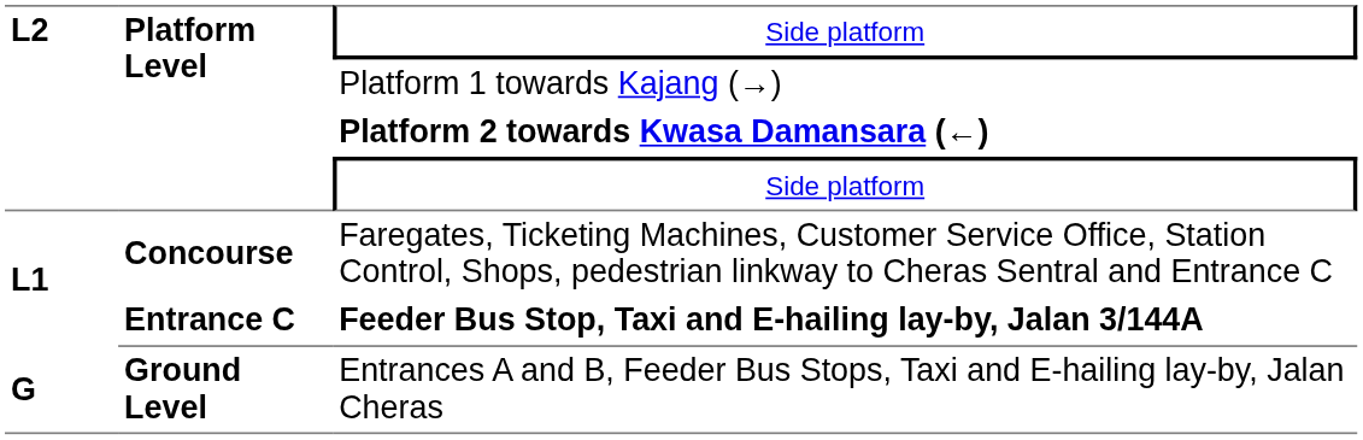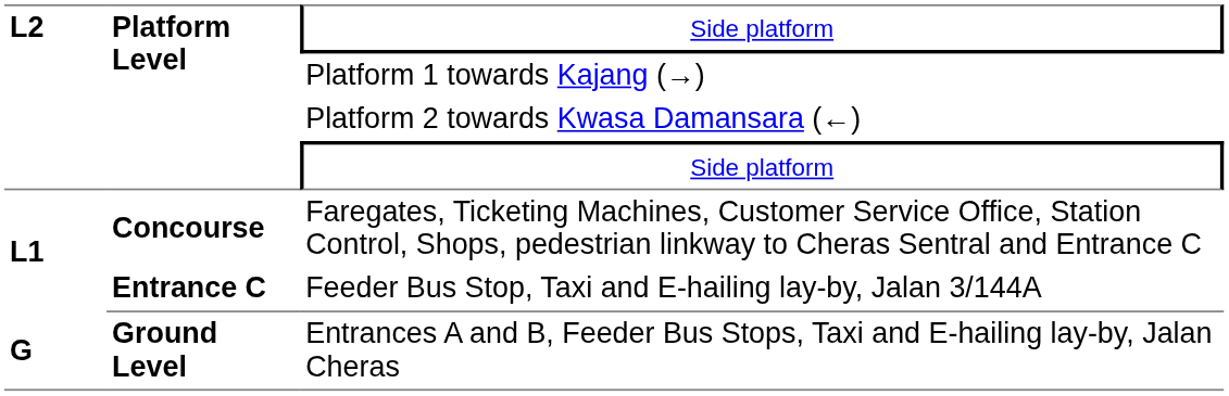 <table cellpadding="3" cellspacing="0" border="0">
 <tr>
 <td rowspan="4" valign="top" width="50" style="border-top:solid 1px gray;border-bottom:solid 1px gray;"><strong>L2</strong></td>
 <td rowspan="4" valign="top" width="100" style="border-top:solid 1px gray;border-bottom:solid 1px gray;"><strong>Platform Level</strong></td>
 <td colspan="1" style="width=500;border-top:solid 1px gray;border-right:solid 2px black;border-left:solid 2px black;border-bottom:solid 2px black;text-align:center;"><small><a href='#'>Side platform</a></small></td>
 </tr>
 <tr>
 <td width="500">Platform 1   towards <a href='#'>Kajang</a>  (→)</td>
 </tr>
 <tr>
-<td width="500"><strong>Platform 2   towards <a href='#'>Kwasa Damansara</a>  (←)</strong></td>
+<td width="500">Platform 2   towards <a href='#'>Kwasa Damansara</a>  (←)</td>
 </tr>
 <tr>
 <td colspan="1" style="width=500;border-top:solid 2px black;border-right:solid 2px black;border-left:solid 2px black;border-bottom:solid 1px gray;text-align:center;"><small><a href='#'>Side platform</a></small></td>
 </tr>
 <tr>
 <td rowspan="2"><strong>L1</strong></td>
 <td><strong>Concourse</strong></td>
 <td>Faregates, Ticketing Machines, Customer Service Office, Station Control, Shops, pedestrian linkway to Cheras Sentral and Entrance C</td>
 </tr>
 <tr style="vertical-align:top;">
 <td style="border-bottom:solid 1px gray; "><strong>Entrance C</strong></td>
-<td width="500" style="border-bottom:solid 1px gray; "><strong>Feeder Bus Stop, Taxi and E-hailing lay-by, Jalan 3/144A</strong></td>
+<td width="500" style="border-bottom:solid 1px gray; ">Feeder Bus Stop, Taxi and E-hailing lay-by, Jalan 3/144A</td>
 </tr>
 <tr>
 <td style="border-bottom:solid 1px gray; "><strong>G</strong></td>
 <td style="border-bottom:solid 1px gray; "><strong>Ground Level</strong></td>
 <td style="border-bottom:solid 1px gray; ">Entrances A and B, Feeder Bus Stops, Taxi and E-hailing lay-by, Jalan Cheras</td>
 </tr>
 </table>
